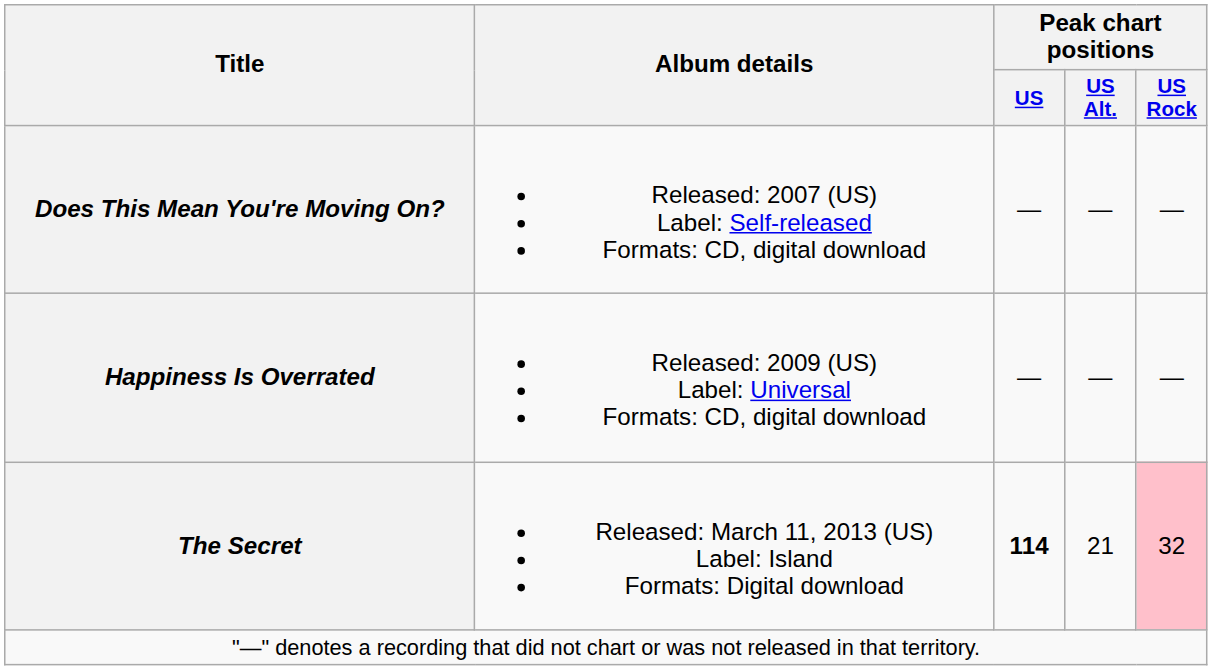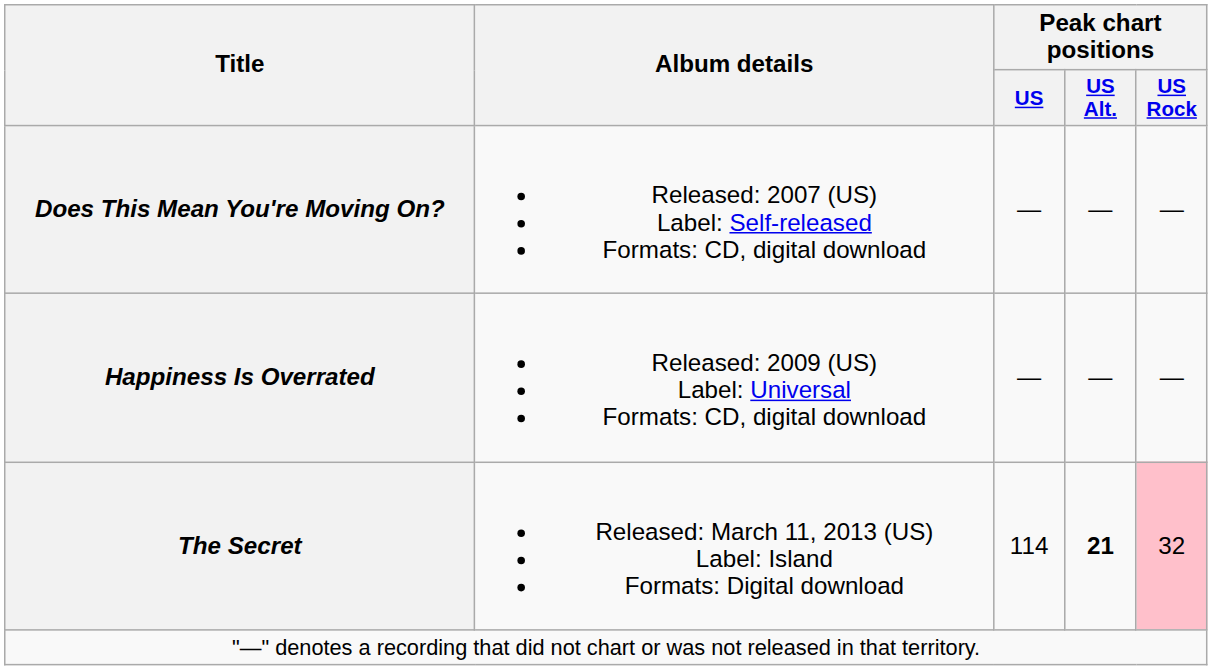 <table class="wikitable plainrowheaders" style="text-align:center;">
 <tr>
 <th scope="col" rowspan="2" style="width:19em;">Title</th>
 <th scope="col" rowspan="2" style="width:21em;">Album details</th>
 <th scope="col" colspan="3">Peak chart positions</th>
 </tr>
 <tr>
 <th scope="col" style="width:3em;font-size:85%;"><a href='#'>US</a><br></th>
 <th scope="col" style="width:3em;font-size:85%;"><a href='#'>US<br>Alt.</a><br></th>
 <th scope="col" style="width:3em;font-size:85%;"><a href='#'>US<br>Rock</a><br></th>
 </tr>
 <tr>
 <th scope="row"><em>Does This Mean You're Moving On?</em></th>
 <td><br><ul><li>Released: 2007 <span>(US)</span></li><li>Label: <a href='#'>Self-released</a></li><li>Formats: CD, digital download</li></ul></td>
 <td>—</td>
 <td>—</td>
 <td>—</td>
 </tr>
 <tr>
 <th scope="row"><em>Happiness Is Overrated</em></th>
 <td><br><ul><li>Released: 2009 <span>(US)</span></li><li>Label: <a href='#'>Universal</a></li><li>Formats: CD, digital download</li></ul></td>
 <td>—</td>
 <td>—</td>
 <td>—</td>
 </tr>
 <tr>
 <th scope="row"><em>The Secret</em></th>
 <td><br><ul><li>Released: March 11, 2013 <span>(US)</span></li><li>Label: Island</li><li>Formats: Digital download</li></ul></td>
-<td><strong>114</strong></td>
-<td>21</td>
+<td>114</td>
+<td><strong>21</strong></td>
 <td style="background: pink;">32</td>
 </tr>
 <tr>
 <td colspan="8" style="font-size:90%">"—" denotes a recording that did not chart or was not released in that territory.</td>
 </tr>
 </table>
